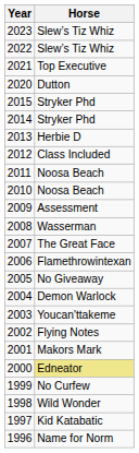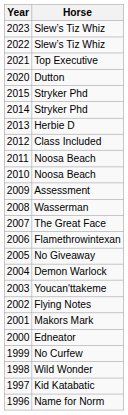 <table class="wikitable">
 <tr>
 <th>Year</th>
 <th>Horse</th>
 </tr>
 <tr>
 <td>2023</td>
 <td>Slew’s Tiz Whiz</td>
 </tr>
 <tr>
 <td>2022</td>
 <td>Slew’s Tiz Whiz</td>
 </tr>
 <tr>
 <td>2021</td>
 <td>Top Executive</td>
 </tr>
 <tr>
 <td>2020</td>
 <td>Dutton</td>
 </tr>
 <tr>
 <td>2015</td>
 <td>Stryker Phd</td>
 </tr>
 <tr>
 <td>2014</td>
 <td>Stryker Phd</td>
 </tr>
 <tr>
 <td>2013</td>
 <td>Herbie D</td>
 </tr>
 <tr>
 <td>2012</td>
 <td>Class Included</td>
 </tr>
 <tr>
 <td>2011</td>
 <td>Noosa Beach</td>
 </tr>
 <tr>
 <td>2010</td>
 <td>Noosa Beach</td>
 </tr>
 <tr>
 <td>2009</td>
 <td>Assessment</td>
 </tr>
 <tr>
 <td>2008</td>
 <td>Wasserman</td>
 </tr>
 <tr>
 <td>2007</td>
 <td>The Great Face</td>
 </tr>
 <tr>
 <td>2006</td>
 <td>Flamethrowintexan</td>
 </tr>
 <tr>
 <td>2005</td>
 <td>No Giveaway</td>
 </tr>
 <tr>
 <td>2004</td>
 <td>Demon Warlock</td>
 </tr>
 <tr>
 <td>2003</td>
 <td>Youcan'ttakeme</td>
 </tr>
 <tr>
 <td>2002</td>
 <td>Flying Notes</td>
 </tr>
 <tr>
 <td>2001</td>
 <td>Makors Mark</td>
 </tr>
 <tr>
 <td>2000</td>
-<td style="background: khaki;">Edneator</td>
+<td>Edneator</td>
 </tr>
 <tr>
 <td>1999</td>
 <td>No Curfew</td>
 </tr>
 <tr>
 <td>1998</td>
 <td>Wild Wonder</td>
 </tr>
 <tr>
 <td>1997</td>
 <td>Kid Katabatic</td>
 </tr>
 <tr>
 <td>1996</td>
 <td>Name for Norm</td>
 </tr>
 </table>
